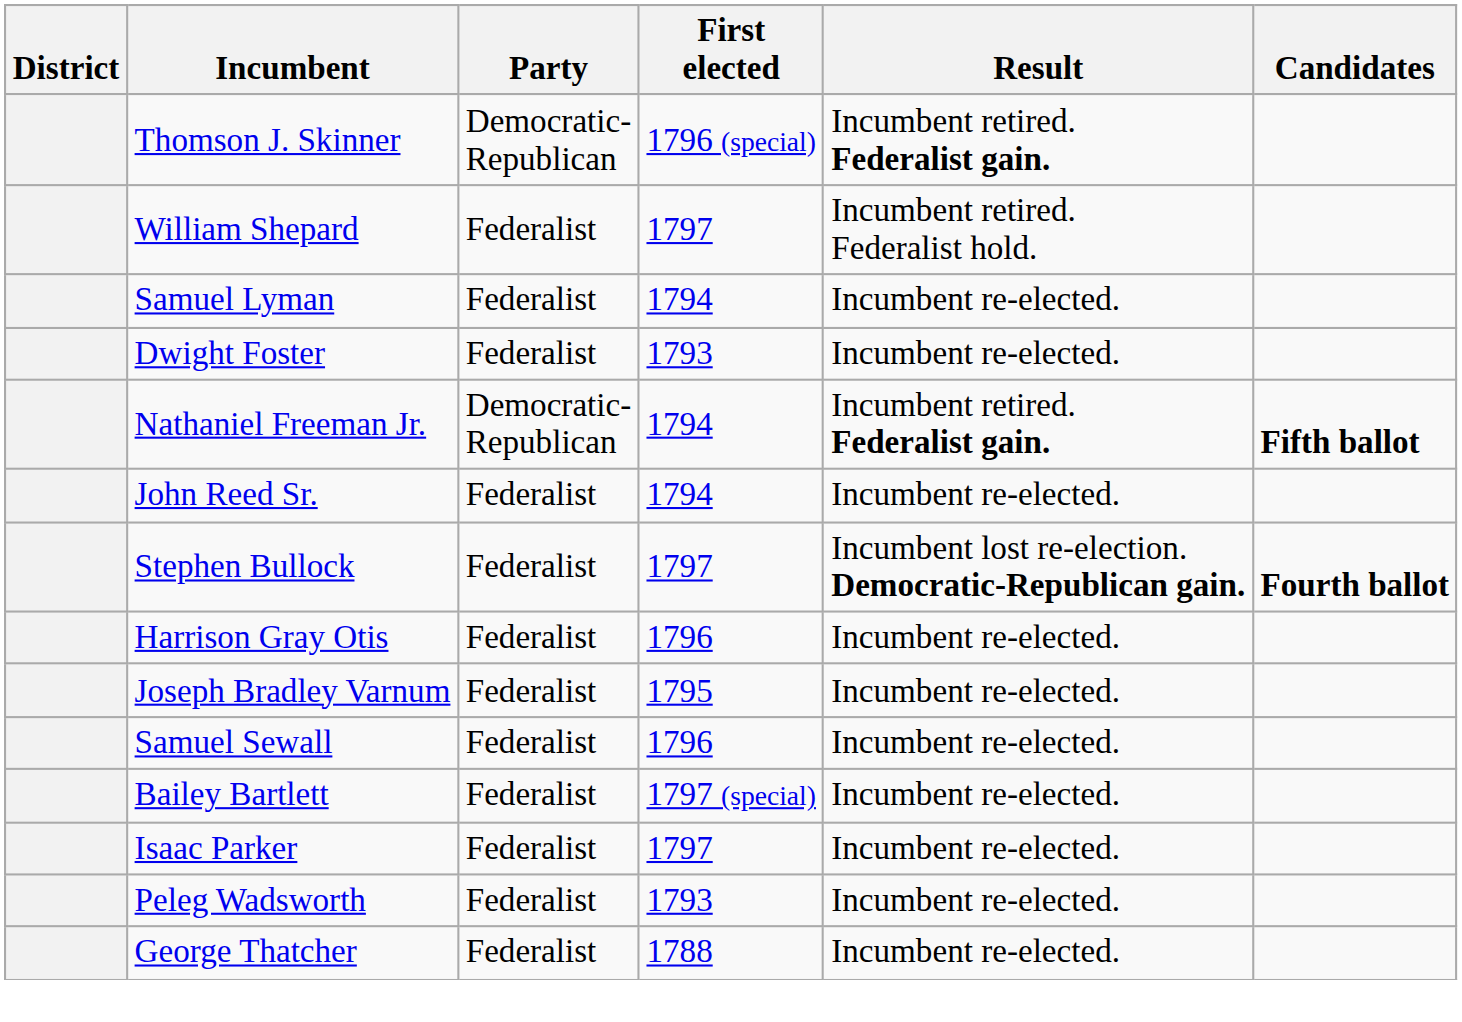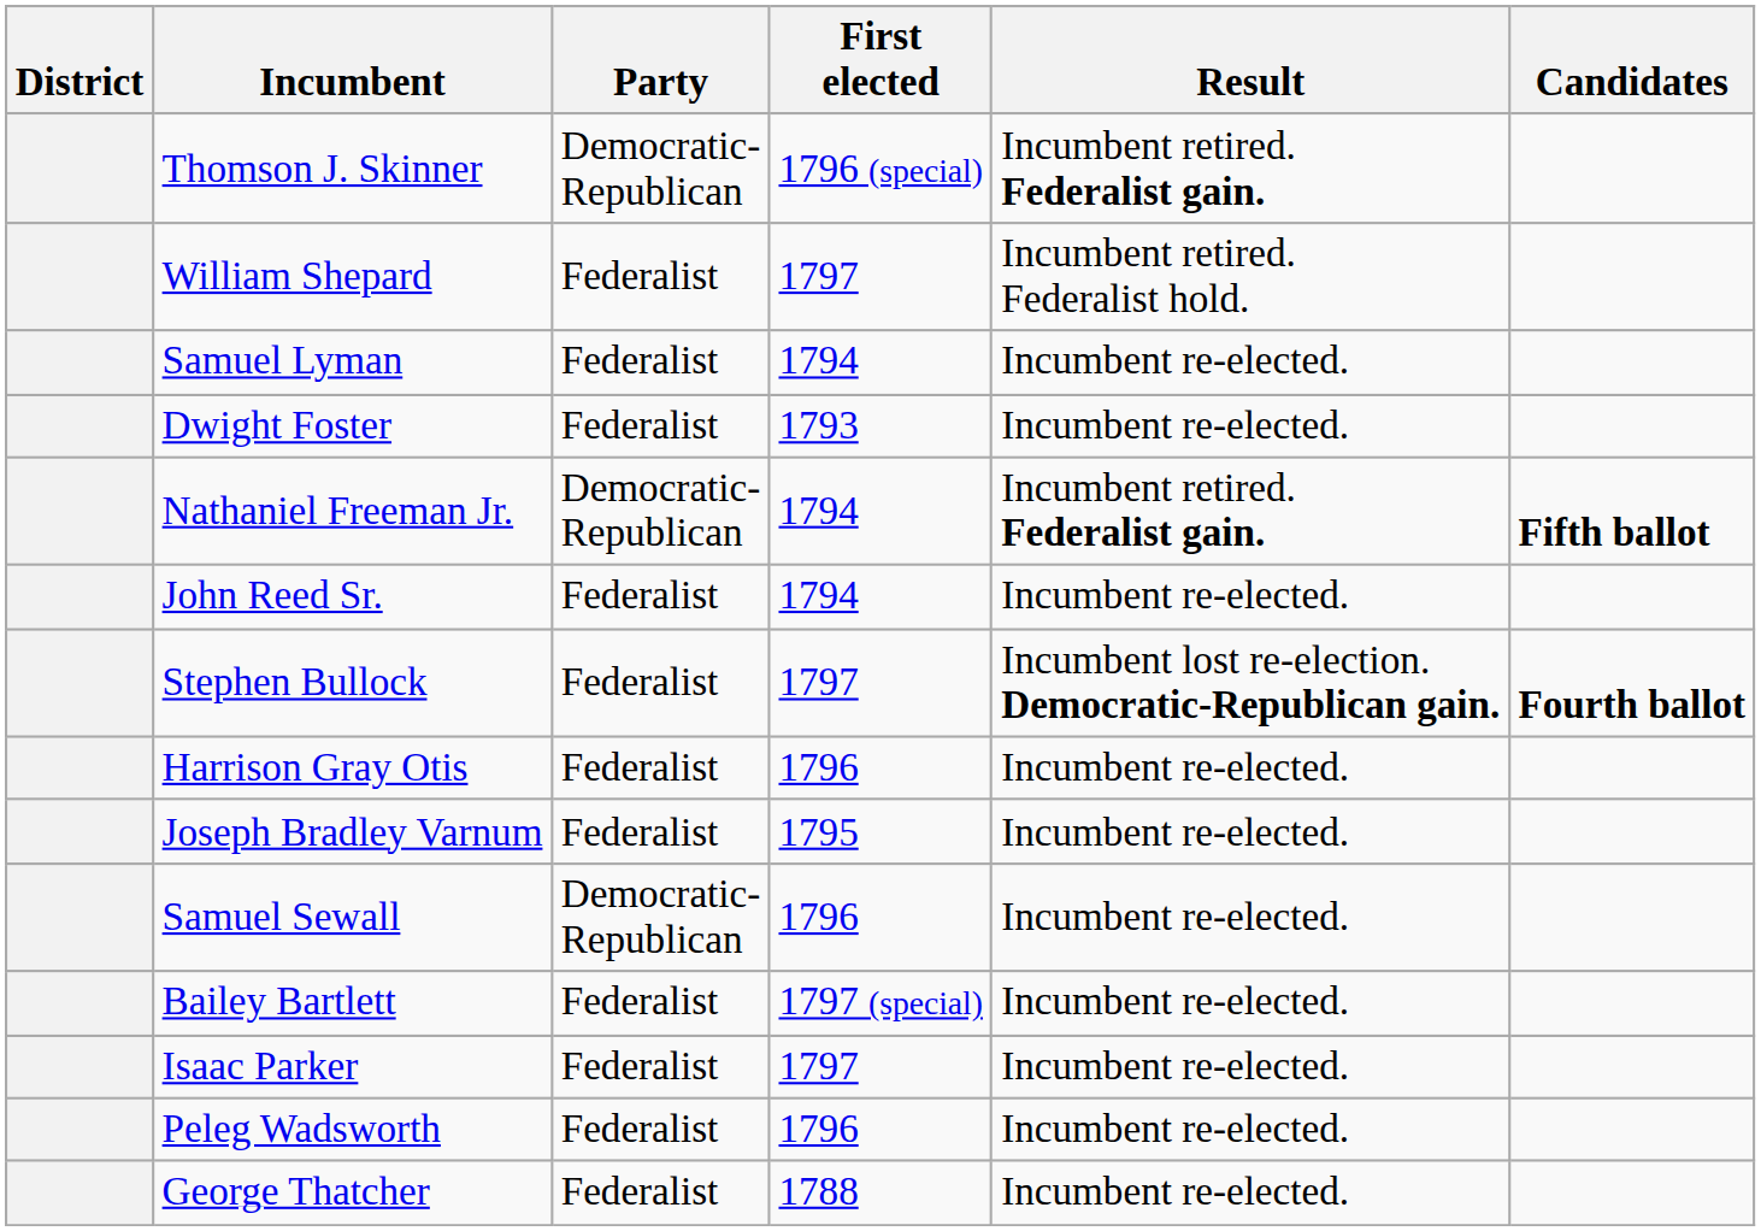 <table class=wikitable>
 <tr valign=bottom>
 <th>District</th>
 <th>Incumbent</th>
 <th>Party</th>
 <th>First<br>elected</th>
 <th>Result</th>
 <th>Candidates</th>
 </tr>
 <tr>
 <th><br></th>
 <td><a href='#'>Thomson J. Skinner</a></td>
 <td>Democratic-<br>Republican</td>
 <td><a href='#'>1796 <small>(special)</small></a></td>
 <td>Incumbent retired.<br><strong>Federalist gain.</strong></td>
 <td nowrap></td>
 </tr>
 <tr>
 <th><br></th>
 <td><a href='#'>William Shepard</a></td>
 <td>Federalist</td>
 <td><a href='#'>1797</a></td>
 <td>Incumbent retired.<br>Federalist hold.</td>
 <td nowrap></td>
 </tr>
 <tr>
 <th><br></th>
 <td><a href='#'>Samuel Lyman</a></td>
 <td>Federalist</td>
 <td><a href='#'>1794</a></td>
 <td>Incumbent re-elected.</td>
 <td nowrap></td>
 </tr>
 <tr>
 <th><br></th>
 <td><a href='#'>Dwight Foster</a></td>
 <td>Federalist</td>
 <td><a href='#'>1793</a></td>
 <td>Incumbent re-elected.</td>
 <td nowrap></td>
 </tr>
 <tr>
 <th><br></th>
 <td><a href='#'>Nathaniel Freeman Jr.</a></td>
 <td>Democratic-<br>Republican</td>
 <td><a href='#'>1794</a></td>
 <td>Incumbent retired.<br><strong>Federalist gain.</strong></td>
 <td nowrap><br>   <strong>Fifth ballot </strong></td>
 </tr>
 <tr>
 <th><br></th>
 <td><a href='#'>John Reed Sr.</a></td>
 <td>Federalist</td>
 <td><a href='#'>1794</a></td>
 <td>Incumbent re-elected.</td>
 <td nowrap></td>
 </tr>
 <tr>
 <th><br></th>
 <td><a href='#'>Stephen Bullock</a></td>
 <td>Federalist</td>
 <td><a href='#'>1797</a></td>
 <td>Incumbent lost re-election.<br><strong>Democratic-Republican gain.</strong></td>
 <td nowrap><br>   <strong>Fourth ballot </strong></td>
 </tr>
 <tr>
 <th><br></th>
 <td><a href='#'>Harrison Gray Otis</a></td>
 <td>Federalist</td>
 <td><a href='#'>1796</a></td>
 <td>Incumbent re-elected.</td>
 <td nowrap></td>
 </tr>
 <tr>
 <th><br></th>
 <td><a href='#'>Joseph Bradley Varnum</a></td>
 <td>Federalist</td>
 <td><a href='#'>1795</a></td>
 <td>Incumbent re-elected.</td>
 <td nowrap></td>
 </tr>
 <tr>
 <th><br></th>
 <td><a href='#'>Samuel Sewall</a></td>
-<td>Federalist</td>
+<td>Democratic-<br>Republican</td>
 <td><a href='#'>1796</a></td>
 <td>Incumbent re-elected.</td>
 <td nowrap></td>
 </tr>
 <tr>
 <th><br></th>
 <td><a href='#'>Bailey Bartlett</a></td>
 <td>Federalist</td>
 <td><a href='#'>1797 <small>(special)</small></a></td>
 <td>Incumbent re-elected.</td>
 <td nowrap></td>
 </tr>
 <tr>
 <th><br></th>
 <td><a href='#'>Isaac Parker</a></td>
 <td>Federalist</td>
 <td><a href='#'>1797</a></td>
 <td>Incumbent re-elected.</td>
 <td nowrap></td>
 </tr>
 <tr>
 <th><br></th>
 <td><a href='#'>Peleg Wadsworth</a></td>
 <td>Federalist</td>
-<td><a href='#'>1793</a></td>
+<td><a href='#'>1796</a></td>
 <td>Incumbent re-elected.</td>
 <td nowrap></td>
 </tr>
 <tr>
 <th><br></th>
 <td><a href='#'>George Thatcher</a></td>
 <td>Federalist</td>
 <td><a href='#'>1788</a></td>
 <td>Incumbent re-elected.</td>
 <td nowrap></td>
 </tr>
 </table>
